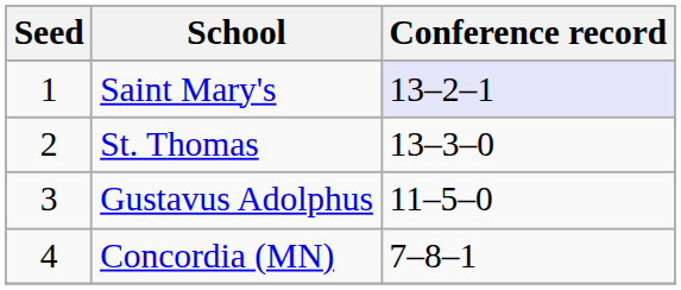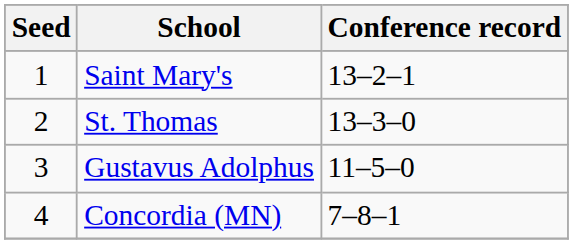 <table class="wikitable">
 <tr>
 <th>Seed</th>
 <th>School</th>
 <th>Conference record</th>
 </tr>
 <tr>
 <td align=center>1</td>
 <td><a href='#'>Saint Mary's</a></td>
-<td style="background: lavender;">13–2–1</td>
+<td>13–2–1</td>
 </tr>
 <tr>
 <td align=center>2</td>
 <td><a href='#'>St. Thomas</a></td>
 <td>13–3–0</td>
 </tr>
 <tr>
 <td align=center>3</td>
 <td><a href='#'>Gustavus Adolphus</a></td>
 <td>11–5–0</td>
 </tr>
 <tr>
 <td align=center>4</td>
 <td><a href='#'>Concordia (MN)</a></td>
 <td>7–8–1</td>
 </tr>
 <tr>
 </tr>
 </table>
